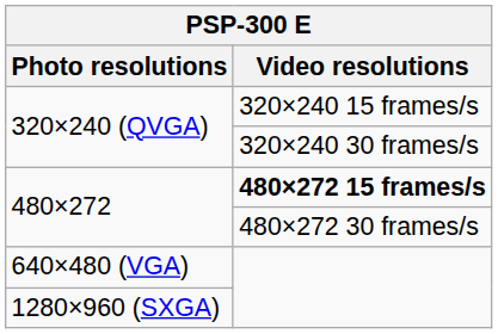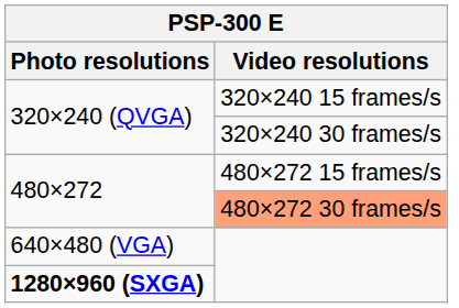 <table class="wikitable">
 <tr>
 <th colspan=2>PSP-300 E</th>
 </tr>
 <tr>
 <th>Photo resolutions</th>
 <th>Video resolutions</th>
 </tr>
 <tr>
 <td rowspan=2>320×240 (<a href='#'>QVGA</a>)</td>
 <td>320×240 15 frames/s</td>
 </tr>
 <tr>
 <td>320×240 30 frames/s</td>
 </tr>
 <tr>
 <td rowspan=2>480×272</td>
-<td><strong>480×272 15 frames/s</strong></td>
+<td>480×272 15 frames/s</td>
 </tr>
 <tr>
-<td>480×272 30 frames/s</td>
+<td style="background: lightsalmon;">480×272 30 frames/s</td>
 </tr>
 <tr>
 <td>640×480 (<a href='#'>VGA</a>)</td>
 </tr>
 <tr>
-<td>1280×960 (<a href='#'>SXGA</a>)</td>
+<td><strong>1280×960 (<a href='#'>SXGA</a>)</strong></td>
 </tr>
 </table>
